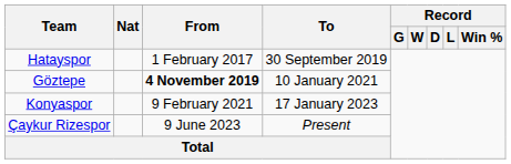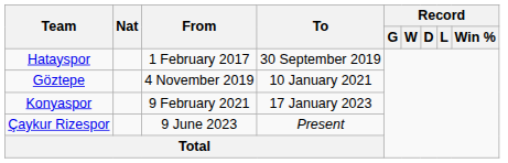 <table class="wikitable" style="text-align:centre">
 <tr>
 <th rowspan=2>Team</th>
 <th rowspan=2>Nat</th>
 <th rowspan=2>From</th>
 <th rowspan=2>To</th>
 <th colspan=8>Record</th>
 </tr>
 <tr>
 <th>G</th>
 <th>W</th>
 <th>D</th>
 <th>L</th>
 <th>Win %</th>
 </tr>
 <tr>
 <td align=center><a href='#'>Hatayspor</a></td>
 <td></td>
 <td align=center>1 February 2017</td>
 <td align=center>30 September 2019<br></td>
 </tr>
 <tr>
 <td align=center><a href='#'>Göztepe</a></td>
 <td></td>
-<td align=center><strong>4 November 2019</strong></td>
+<td align=center>4 November 2019</td>
 <td align=center>10 January 2021<br></td>
 </tr>
 <tr>
 <td align=center><a href='#'>Konyaspor</a></td>
 <td></td>
 <td align=center>9 February 2021</td>
 <td align=center>17 January 2023<br></td>
 </tr>
 <tr>
 <td align=center><a href='#'>Çaykur Rizespor</a></td>
 <td></td>
 <td align=center>9 June 2023</td>
 <td align=center><em>Present</em><br></td>
 </tr>
 <tr>
 <th colspan="4">Total<br></th>
 </tr>
 </table>
